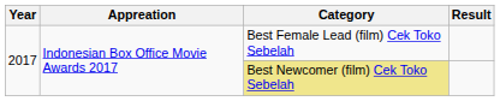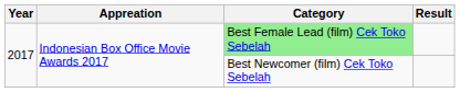 <table class="wikitable sortable">
 <tr>
 <th>Year</th>
 <th>Appreation</th>
 <th>Category</th>
 <th>Result</th>
 </tr>
 <tr>
 <td rowspan="2">2017</td>
 <td rowspan="2"><a href='#'>Indonesian Box Office Movie Awards 2017</a></td>
-<td>Best Female Lead (film) <a href='#'>Cek Toko Sebelah</a></td>
+<td style="background: lightgreen;">Best Female Lead (film) <a href='#'>Cek Toko Sebelah</a></td>
 <td></td>
 </tr>
 <tr>
-<td style="background: khaki;">Best Newcomer (film) <a href='#'>Cek Toko Sebelah</a></td>
+<td>Best Newcomer (film) <a href='#'>Cek Toko Sebelah</a></td>
 <td></td>
 </tr>
 </table>
